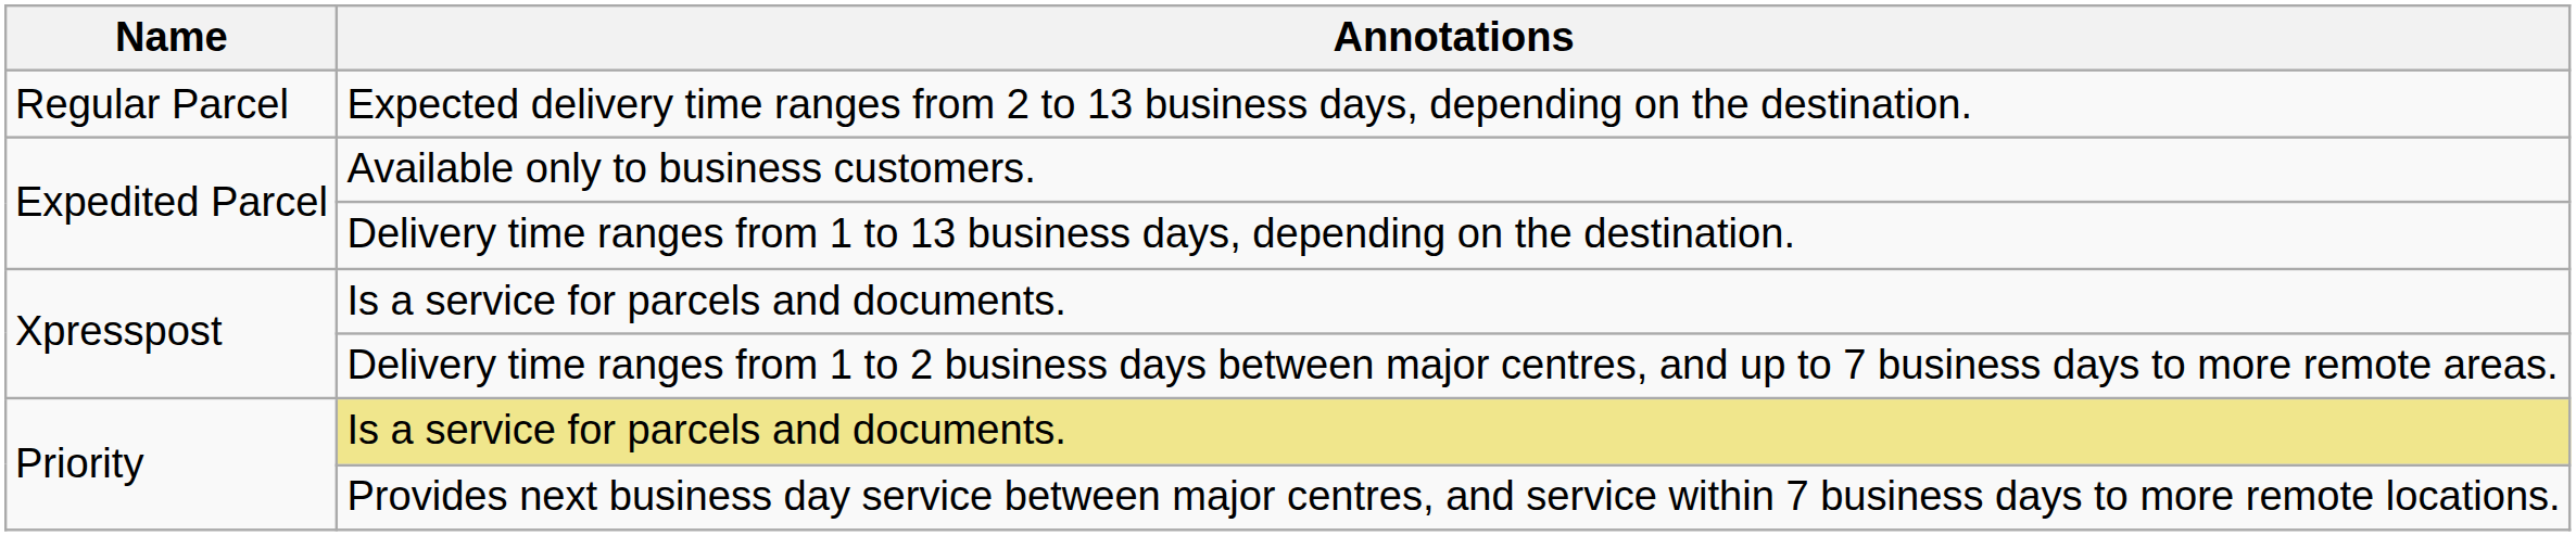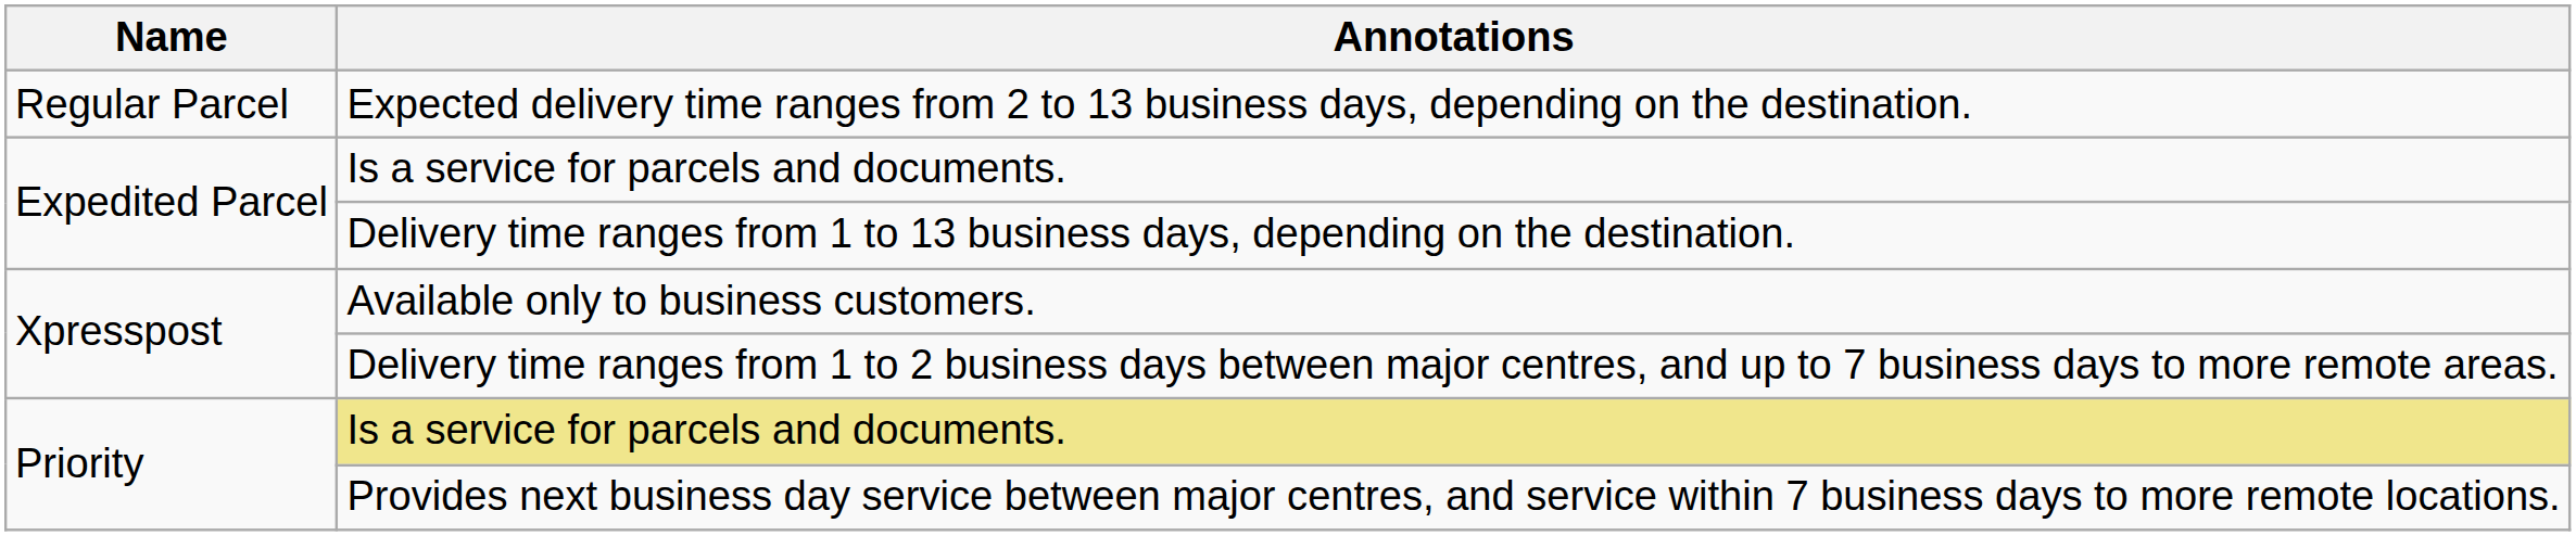 <table class="wikitable">
 <tr>
 <th>Name</th>
 <th>Annotations</th>
 </tr>
 <tr>
 <td>Regular Parcel</td>
 <td>Expected delivery time ranges from 2 to 13 business days, depending on the destination.</td>
 </tr>
 <tr>
 <td rowspan=2>Expedited Parcel</td>
-<td>Available only to business customers.</td>
+<td>Is a service for parcels and documents.</td>
 </tr>
 <tr>
 <td>Delivery time ranges from 1 to 13 business days, depending on the destination.</td>
 </tr>
 <tr>
 <td rowspan=2>Xpresspost</td>
-<td>Is a service for parcels and documents.</td>
+<td>Available only to business customers.</td>
 </tr>
 <tr>
 <td>Delivery time ranges from 1 to 2 business days between major centres, and up to 7 business days to more remote areas.</td>
 </tr>
 <tr>
 <td rowspan=2>Priority</td>
 <td style="background: khaki;">Is a service for parcels and documents.</td>
 </tr>
 <tr>
 <td>Provides next business day service between major centres, and service within 7 business days to more remote locations.</td>
 </tr>
 </table>
